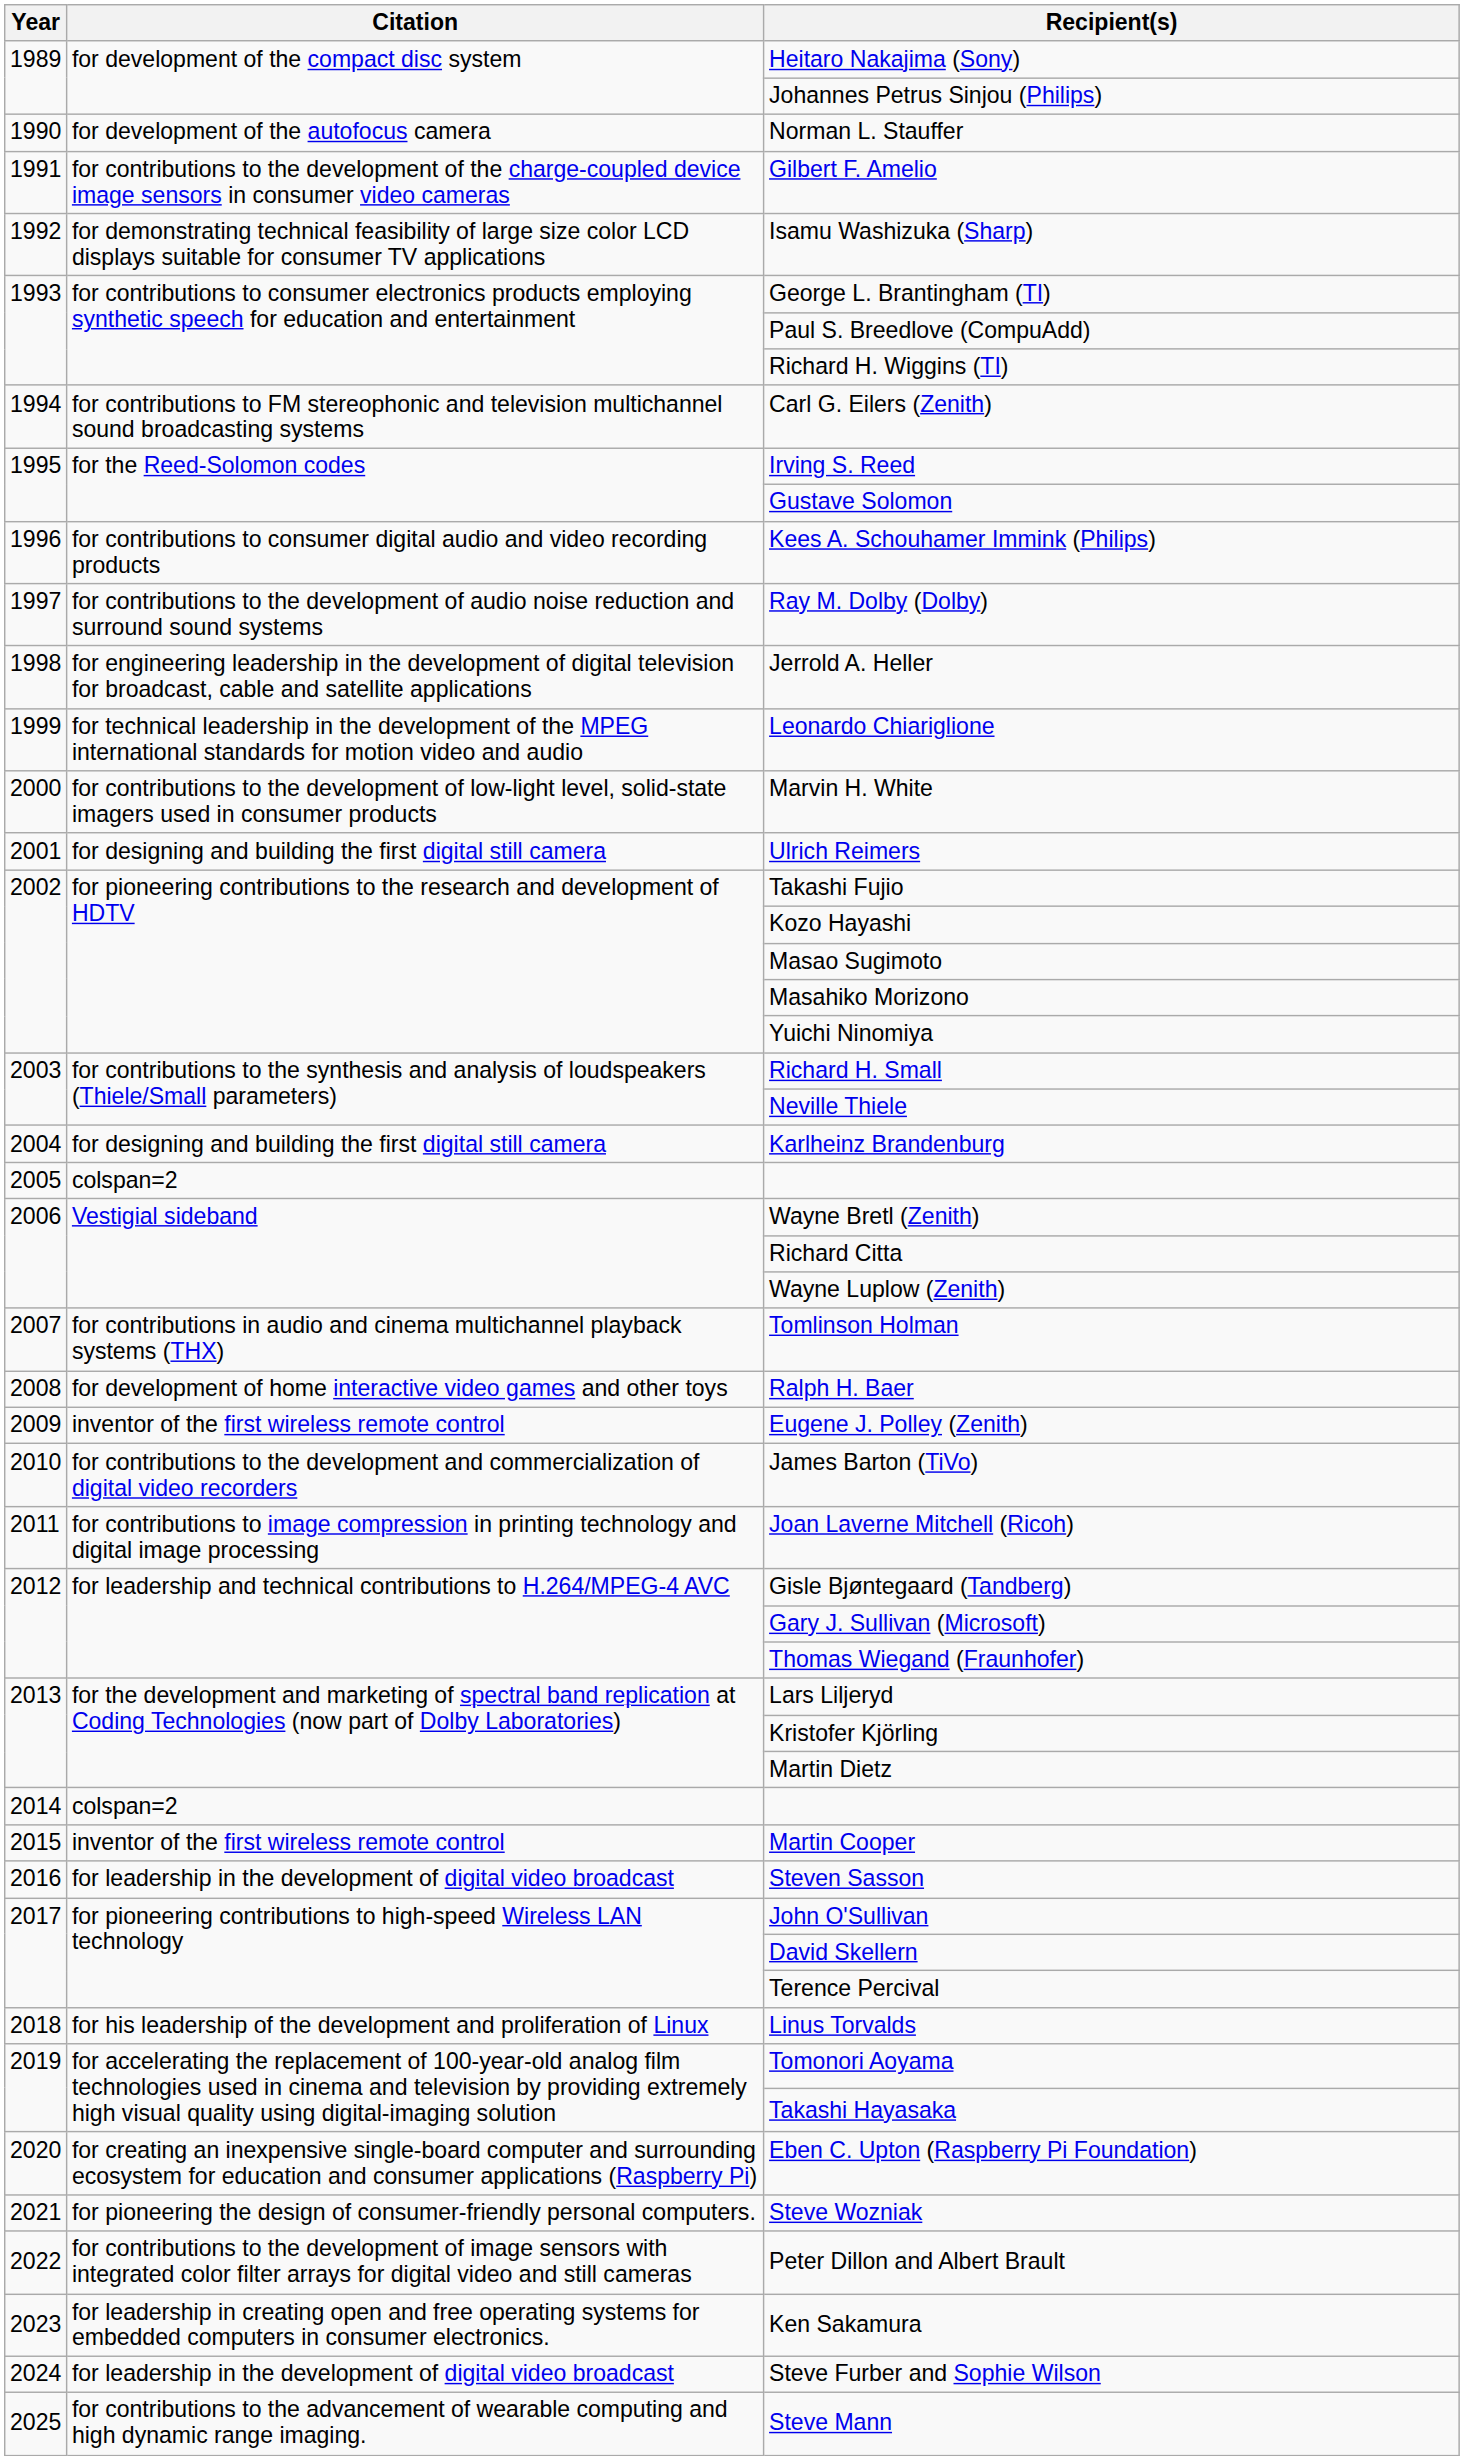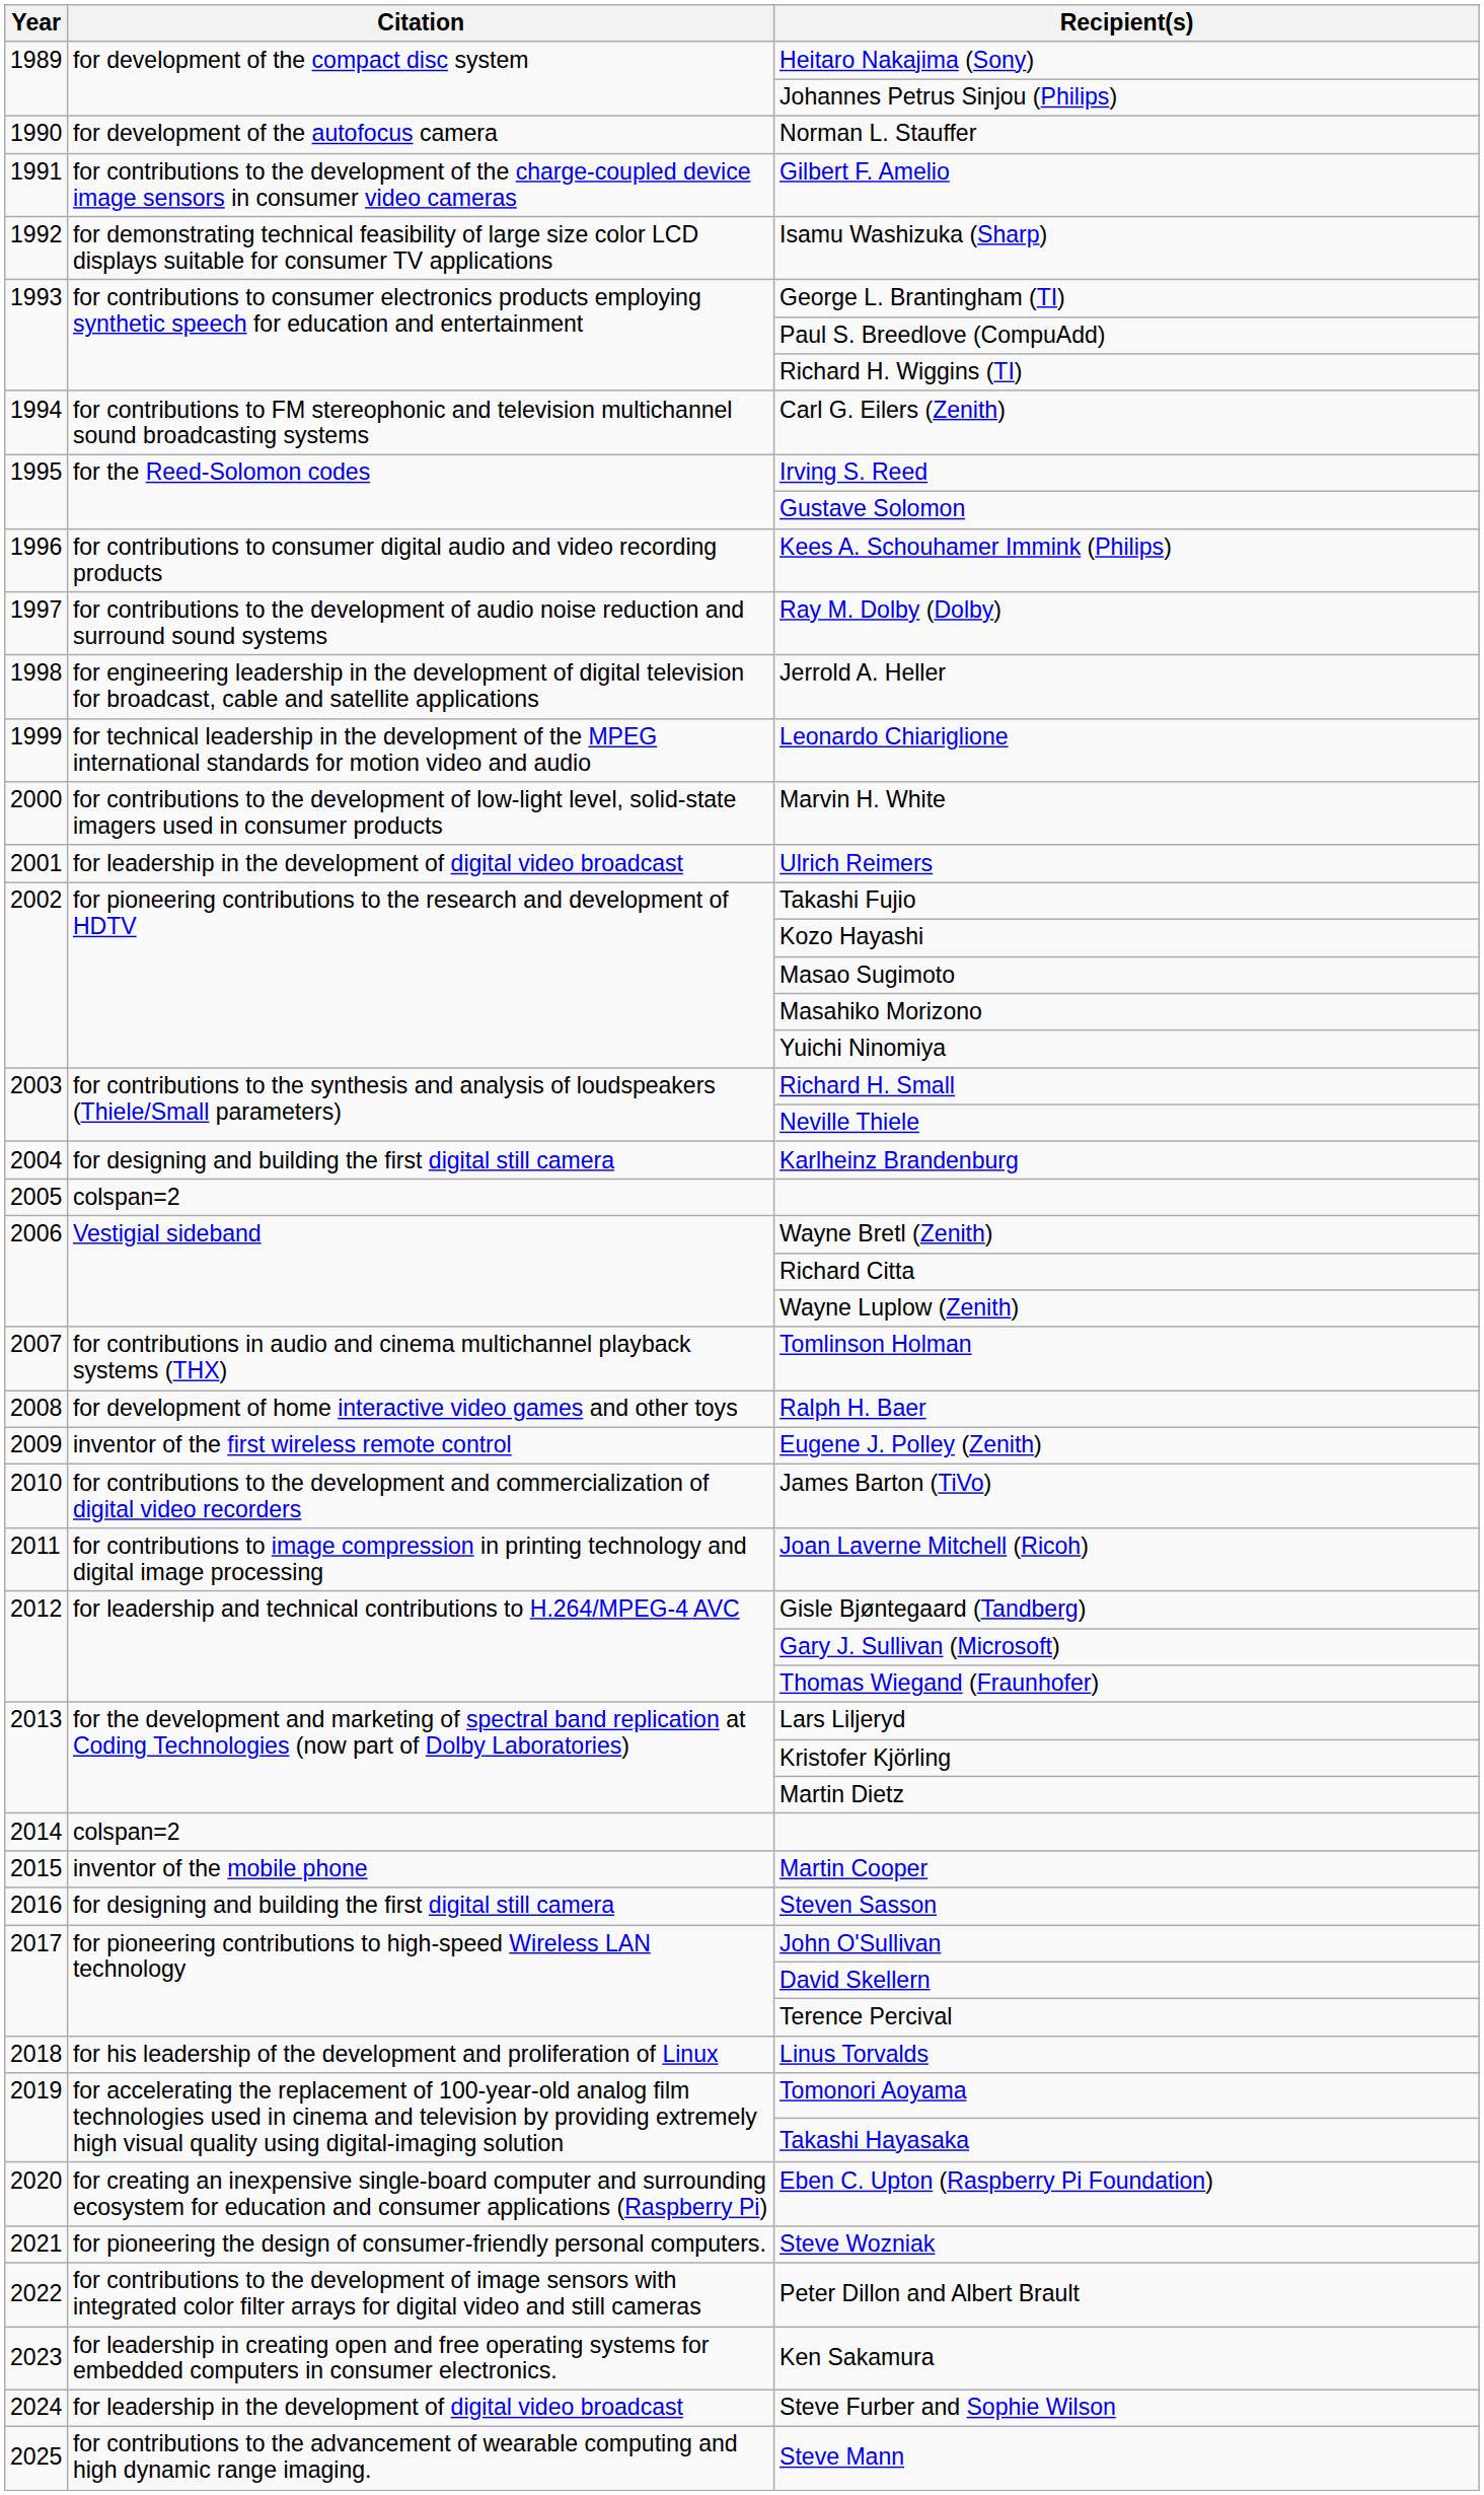 <table class="wikitable" width=80%>
 <tr>
 <th>Year</th>
 <th width=49%>Citation</th>
 <th width=49%>Recipient(s)</th>
 </tr>
 <tr valign="top">
 <td rowspan=2>1989</td>
 <td rowspan=2>for development of the <a href='#'>compact disc</a> system</td>
 <td><a href='#'>Heitaro Nakajima</a> (<a href='#'>Sony</a>)</td>
 </tr>
 <tr valign="top">
 <td>Johannes Petrus Sinjou (<a href='#'>Philips</a>)</td>
 </tr>
 <tr valign="top">
 <td>1990</td>
 <td>for development of the <a href='#'>autofocus</a> camera</td>
 <td>Norman L. Stauffer</td>
 </tr>
 <tr valign="top">
 <td>1991</td>
 <td>for contributions to the development of the <a href='#'>charge-coupled device</a> <a href='#'>image sensors</a> in consumer <a href='#'>video cameras</a></td>
 <td><a href='#'>Gilbert F. Amelio</a></td>
 </tr>
 <tr valign="top">
 <td>1992</td>
 <td>for demonstrating technical feasibility of large size color LCD displays suitable for consumer TV applications</td>
 <td>Isamu Washizuka (<a href='#'>Sharp</a>)</td>
 </tr>
 <tr valign="top">
 <td rowspan=3>1993</td>
 <td rowspan=3>for contributions to consumer electronics products employing <a href='#'>synthetic speech</a> for education and entertainment</td>
 <td>George L. Brantingham (<a href='#'>TI</a>)</td>
 </tr>
 <tr valign="top">
 <td>Paul S. Breedlove (CompuAdd)</td>
 </tr>
 <tr valign="top">
 <td>Richard H. Wiggins (<a href='#'>TI</a>)</td>
 </tr>
 <tr valign="top">
 <td>1994</td>
 <td>for contributions to FM stereophonic and television multichannel sound broadcasting systems</td>
 <td>Carl G. Eilers (<a href='#'>Zenith</a>)</td>
 </tr>
 <tr valign="top">
 <td rowspan=2>1995</td>
 <td rowspan=2>for the <a href='#'>Reed-Solomon codes</a></td>
 <td><a href='#'>Irving S. Reed</a></td>
 </tr>
 <tr valign="top">
 <td><a href='#'>Gustave Solomon</a></td>
 </tr>
 <tr valign="top">
 <td>1996</td>
 <td>for contributions to consumer digital audio and video recording products</td>
 <td><a href='#'>Kees A. Schouhamer Immink</a> (<a href='#'>Philips</a>)</td>
 </tr>
 <tr valign="top">
 <td>1997</td>
 <td>for contributions to the development of audio noise reduction and surround sound systems</td>
 <td><a href='#'>Ray M. Dolby</a> (<a href='#'>Dolby</a>)</td>
 </tr>
 <tr valign="top">
 <td>1998</td>
 <td>for engineering leadership in the development of digital television for broadcast, cable and satellite applications</td>
 <td>Jerrold A. Heller</td>
 </tr>
 <tr valign="top">
 <td>1999</td>
 <td>for technical leadership in the development of the <a href='#'>MPEG</a> international standards for motion video and audio</td>
 <td><a href='#'>Leonardo Chiariglione</a></td>
 </tr>
 <tr valign="top">
 <td>2000</td>
 <td>for contributions to the development of low-light level, solid-state imagers used in consumer products</td>
 <td>Marvin H. White</td>
 </tr>
 <tr valign="top">
 <td>2001</td>
-<td>for designing and building the first <a href='#'>digital still camera</a></td>
+<td>for leadership in the development of <a href='#'>digital video broadcast</a></td>
 <td><a href='#'>Ulrich Reimers</a></td>
 </tr>
 <tr valign="top">
 <td rowspan=5>2002</td>
 <td rowspan=5>for pioneering contributions to the research and development of <a href='#'>HDTV</a></td>
 <td>Takashi Fujio</td>
 </tr>
 <tr valign="top">
 <td>Kozo Hayashi</td>
 </tr>
 <tr valign="top">
 <td>Masao Sugimoto</td>
 </tr>
 <tr valign="top">
 <td>Masahiko Morizono</td>
 </tr>
 <tr valign="top">
 <td>Yuichi Ninomiya</td>
 </tr>
 <tr valign="top">
 <td rowspan=2>2003</td>
 <td rowspan=2>for contributions to the synthesis and analysis of loudspeakers (<a href='#'>Thiele/Small</a> parameters)</td>
 <td><a href='#'>Richard H. Small</a></td>
 </tr>
 <tr valign="top">
 <td><a href='#'>Neville Thiele</a></td>
 </tr>
 <tr valign="top">
 <td>2004</td>
 <td>for designing and building the first <a href='#'>digital still camera</a></td>
 <td><a href='#'>Karlheinz Brandenburg</a></td>
 </tr>
 <tr valign="top">
 <td>2005</td>
 <td>colspan=2 </td>
 </tr>
 <tr valign="top">
 <td rowspan=3>2006</td>
 <td rowspan=3><a href='#'>Vestigial sideband</a></td>
 <td>Wayne Bretl (<a href='#'>Zenith</a>)</td>
 </tr>
 <tr valign="top">
 <td>Richard Citta</td>
 </tr>
 <tr valign="top">
 <td>Wayne Luplow (<a href='#'>Zenith</a>)</td>
 </tr>
 <tr valign="top">
 <td>2007</td>
 <td>for contributions in audio and cinema multichannel playback systems (<a href='#'>THX</a>)</td>
 <td><a href='#'>Tomlinson Holman</a></td>
 </tr>
 <tr valign="top">
 <td>2008</td>
 <td>for development of home <a href='#'>interactive video games</a> and other toys</td>
 <td><a href='#'>Ralph H. Baer</a></td>
 </tr>
 <tr valign="top">
 <td>2009</td>
 <td>inventor of the <a href='#'>first wireless remote control</a></td>
 <td><a href='#'>Eugene J. Polley</a>  (<a href='#'>Zenith</a>)</td>
 </tr>
 <tr valign="top">
 <td>2010</td>
 <td>for contributions to the development and commercialization of <a href='#'>digital video recorders</a></td>
 <td>James Barton (<a href='#'>TiVo</a>)</td>
 </tr>
 <tr valign="top">
 <td>2011</td>
 <td>for contributions to <a href='#'>image compression</a> in printing technology and digital image processing</td>
 <td><a href='#'>Joan Laverne Mitchell</a> (<a href='#'>Ricoh</a>)</td>
 </tr>
 <tr valign="top">
 <td rowspan=3>2012</td>
 <td rowspan=3>for leadership and technical contributions to <a href='#'>H.264/MPEG-4 AVC</a></td>
 <td>Gisle Bjøntegaard (<a href='#'>Tandberg</a>)</td>
 </tr>
 <tr valign="top">
 <td><a href='#'>Gary J. Sullivan</a> (<a href='#'>Microsoft</a>)</td>
 </tr>
 <tr valign="top">
 <td><a href='#'>Thomas Wiegand</a> (<a href='#'>Fraunhofer</a>)</td>
 </tr>
 <tr valign="top">
 <td rowspan=3>2013</td>
 <td rowspan=3>for the development and marketing of <a href='#'>spectral band replication</a> at <a href='#'>Coding Technologies</a> (now part of <a href='#'>Dolby Laboratories</a>)</td>
 <td>Lars Liljeryd</td>
 </tr>
 <tr valign="top">
 <td>Kristofer Kjörling</td>
 </tr>
 <tr valign="top">
 <td>Martin Dietz</td>
 </tr>
 <tr valign="top">
 <td>2014</td>
 <td>colspan=2 </td>
 </tr>
 <tr valign="top">
 <td>2015</td>
-<td>inventor of the <a href='#'>first wireless remote control</a></td>
+<td>inventor of the <a href='#'>mobile phone</a></td>
 <td><a href='#'>Martin Cooper</a></td>
 </tr>
 <tr valign="top">
 <td>2016</td>
-<td>for leadership in the development of <a href='#'>digital video broadcast</a></td>
+<td>for designing and building the first <a href='#'>digital still camera</a></td>
 <td><a href='#'>Steven Sasson</a></td>
 </tr>
 <tr valign="top">
 <td rowspan=3>2017</td>
 <td rowspan=3>for pioneering contributions to high-speed <a href='#'>Wireless LAN</a> technology</td>
 <td><a href='#'>John O'Sullivan</a></td>
 </tr>
 <tr>
 <td><a href='#'>David Skellern</a></td>
 </tr>
 <tr>
 <td>Terence Percival</td>
 </tr>
 <tr valign="top">
 <td>2018</td>
 <td>for his leadership of the development and proliferation of <a href='#'>Linux</a></td>
 <td><a href='#'>Linus Torvalds</a></td>
 </tr>
 <tr valign="top">
 <td rowspan=2>2019</td>
 <td rowspan=2>for accelerating the replacement of 100-year-old analog film technologies used in cinema and television by providing extremely high visual quality using digital-imaging solution</td>
 <td><a href='#'>Tomonori Aoyama</a></td>
 </tr>
 <tr>
 <td><a href='#'>Takashi Hayasaka</a></td>
 </tr>
 <tr valign="top">
 <td>2020</td>
 <td>for creating an inexpensive single-board computer and surrounding ecosystem for education and consumer applications (<a href='#'>Raspberry Pi</a>)</td>
 <td><a href='#'>Eben C. Upton</a> (<a href='#'>Raspberry Pi Foundation</a>)</td>
 </tr>
 <tr valign="top">
 <td>2021</td>
 <td>for pioneering the design of consumer-friendly personal computers.</td>
 <td><a href='#'>Steve Wozniak</a></td>
 </tr>
 <tr>
 <td>2022</td>
 <td>for contributions to the development of image sensors with integrated color filter arrays for digital video and still cameras</td>
 <td>Peter Dillon and Albert Brault</td>
 </tr>
 <tr>
 <td>2023</td>
 <td>for leadership in creating open and free operating systems for embedded computers in consumer electronics.</td>
 <td>Ken Sakamura</td>
 </tr>
 <tr>
 <td>2024</td>
 <td>for leadership in the development of <a href='#'>digital video broadcast</a></td>
 <td>Steve Furber and <a href='#'>Sophie Wilson</a></td>
 </tr>
 <tr>
 <td>2025</td>
 <td>for contributions to the advancement of wearable computing and high dynamic range imaging.</td>
 <td><a href='#'>Steve Mann</a></td>
 </tr>
 </table>
